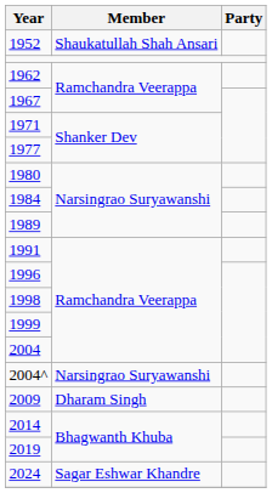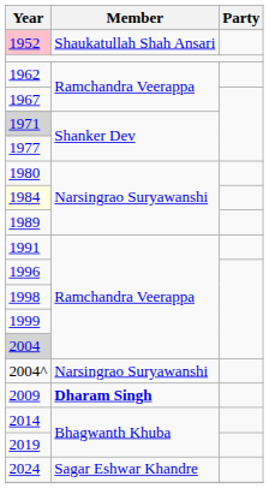 <table class="wikitable sortable">
 <tr>
 <th>Year</th>
 <th>Member</th>
 <th colspan="2">Party</th>
 </tr>
 <tr>
-<td><a href='#'>1952</a></td>
+<td style="background: pink;"><a href='#'>1952</a></td>
 <td><a href='#'>Shaukatullah Shah Ansari</a></td>
 <td></td>
 </tr>
 <tr>
 <td colspan="4"></td>
 </tr>
 <tr>
 <td><a href='#'>1962</a></td>
 <td rowspan="2"><a href='#'>Ramchandra Veerappa</a></td>
 <td></td>
 </tr>
 <tr>
 <td><a href='#'>1967</a></td>
 </tr>
 <tr>
-<td><a href='#'>1971</a></td>
+<td style="background: lightgrey;"><a href='#'>1971</a></td>
 <td rowspan="2"><a href='#'>Shanker Dev</a></td>
 </tr>
 <tr>
 <td><a href='#'>1977</a></td>
 </tr>
 <tr>
 <td><a href='#'>1980</a></td>
 <td rowspan="3"><a href='#'>Narsingrao Suryawanshi</a></td>
 <td></td>
 </tr>
 <tr>
-<td><a href='#'>1984</a></td>
+<td style="background: lightyellow;"><a href='#'>1984</a></td>
 <td></td>
 </tr>
 <tr>
 <td><a href='#'>1989</a></td>
 </tr>
 <tr>
 <td><a href='#'>1991</a></td>
 <td rowspan="5"><a href='#'>Ramchandra Veerappa</a></td>
 <td></td>
 </tr>
 <tr>
 <td><a href='#'>1996</a></td>
 </tr>
 <tr>
 <td><a href='#'>1998</a></td>
 </tr>
 <tr>
 <td><a href='#'>1999</a></td>
 </tr>
 <tr>
-<td><a href='#'>2004</a></td>
+<td style="background: lightgrey;"><a href='#'>2004</a></td>
 </tr>
 <tr>
 <td>2004^</td>
 <td><a href='#'>Narsingrao Suryawanshi</a></td>
 <td></td>
 </tr>
 <tr>
 <td><a href='#'>2009</a></td>
-<td><a href='#'>Dharam Singh</a></td>
+<td><strong><a href='#'>Dharam Singh</a></strong></td>
 </tr>
 <tr>
 <td><a href='#'>2014</a></td>
 <td rowspan="2"><a href='#'>Bhagwanth Khuba</a></td>
 <td></td>
 </tr>
 <tr>
 <td><a href='#'>2019</a></td>
 </tr>
 <tr>
 <td><a href='#'>2024</a></td>
 <td><a href='#'>Sagar Eshwar Khandre</a></td>
 <td></td>
 </tr>
 <tr>
 </tr>
 </table>
